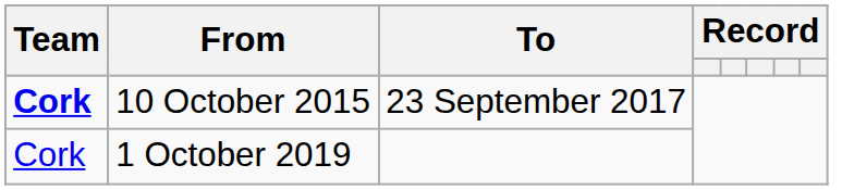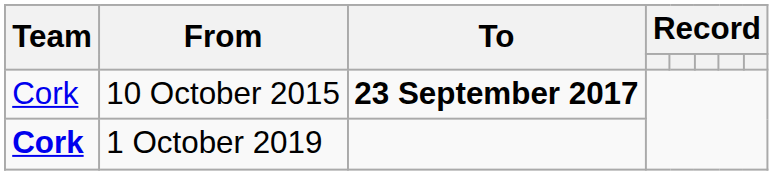 <table class=wikitable style="text-align: center">
 <tr>
 <th rowspan=2>Team</th>
 <th rowspan=2>From</th>
 <th rowspan=2>To</th>
 <th colspan=5>Record</th>
 </tr>
 <tr>
 <th></th>
 <th></th>
 <th></th>
 <th></th>
 <th></th>
 </tr>
 <tr>
-<td align=left><strong><a href='#'>Cork</a></strong></td>
+<td align=left><a href='#'>Cork</a></td>
 <td align=left>10 October 2015</td>
-<td align=left>23 September 2017<br></td>
+<td align=left><strong>23 September 2017<br></strong></td>
 </tr>
 <tr>
-<td align=left><a href='#'>Cork</a></td>
+<td align=left><strong><a href='#'>Cork</a></strong></td>
 <td align=left>1 October 2019</td>
 <td align=left><br></td>
 </tr>
 </table>
